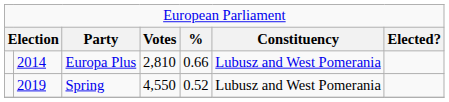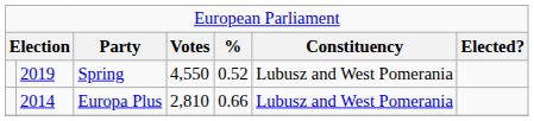 <table class = 'wikitable'>
 <tr>
 <td colspan="7" style="text-align:center;"><a href='#'>European Parliament</a></td>
 </tr>
 <tr>
 <th colspan="2">Election</th>
 <th>Party</th>
 <th>Votes</th>
 <th>%</th>
 <th>Constituency</th>
 <th>Elected?</th>
 </tr>
 <tr>
 <td style="background-color: "></td>
+<td><a href='#'>2019</a></td>
+<td><a href='#'>Spring</a></td>
+<td>4,550</td>
+<td>0.52</td>
+<td>Lubusz and West Pomerania</td>
+<td></td>
+</tr>
+<tr>
+<td style="background-color: "></td>
 <td><a href='#'>2014</a></td>
 <td><a href='#'>Europa Plus</a></td>
 <td>2,810</td>
 <td>0.66</td>
 <td><a href='#'>Lubusz and West Pomerania</a></td>
 <td></td>
 </tr>
 <tr>
-<td style="background-color: "></td>
-<td><a href='#'>2019</a></td>
-<td><a href='#'>Spring</a></td>
-<td>4,550</td>
-<td>0.52</td>
-<td>Lubusz and West Pomerania</td>
-<td></td>
-</tr>
-<tr>
 </tr>
 </table>
